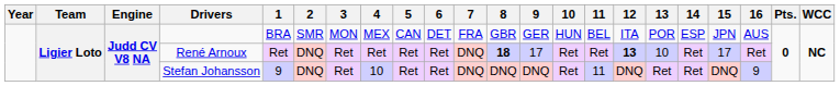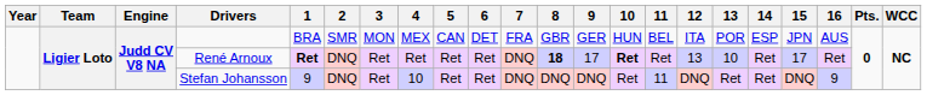 <table class="wikitable" style="text-align:center; font-size:90%">
 <tr>
 <th>Year</th>
 <th>Team</th>
 <th>Engine</th>
 <th>Drivers</th>
 <th>1</th>
 <th>2</th>
 <th>3</th>
 <th>4</th>
 <th>5</th>
 <th>6</th>
 <th>7</th>
 <th>8</th>
 <th>9</th>
 <th>10</th>
 <th>11</th>
 <th>12</th>
 <th>13</th>
 <th>14</th>
 <th>15</th>
 <th>16</th>
 <th>Pts.</th>
 <th>WCC</th>
 </tr>
 <tr>
 <td rowspan="3"></td>
 <th rowspan="3"><a href='#'>Ligier</a> Loto</th>
 <th rowspan="3"><a href='#'>Judd CV</a><br><a href='#'>V8</a> <a href='#'>NA</a></th>
 <td></td>
 <td><a href='#'>BRA</a></td>
 <td><a href='#'>SMR</a></td>
 <td><a href='#'>MON</a></td>
 <td><a href='#'>MEX</a></td>
 <td><a href='#'>CAN</a></td>
 <td><a href='#'>DET</a></td>
 <td><a href='#'>FRA</a></td>
 <td><a href='#'>GBR</a></td>
 <td><a href='#'>GER</a></td>
 <td><a href='#'>HUN</a></td>
 <td><a href='#'>BEL</a></td>
 <td><a href='#'>ITA</a></td>
 <td><a href='#'>POR</a></td>
 <td><a href='#'>ESP</a></td>
 <td><a href='#'>JPN</a></td>
 <td><a href='#'>AUS</a></td>
 <td rowspan="3"><strong>0</strong></td>
 <td rowspan="3"><strong>NC</strong></td>
 </tr>
 <tr>
 <td> <a href='#'>René Arnoux</a></td>
-<td style="background:#efcfff;">Ret</td>
+<td style="background:#efcfff;"><strong>Ret</strong></td>
 <td style="background:#ffcfcf;">DNQ</td>
 <td style="background:#efcfff;">Ret</td>
 <td style="background:#efcfff;">Ret</td>
 <td style="background:#efcfff;">Ret</td>
 <td style="background:#efcfff;">Ret</td>
 <td style="background:#ffcfcf;">DNQ</td>
 <td style="background:#cfcfff;"><strong>18</strong></td>
 <td style="background:#cfcfff;">17</td>
+<td style="background:#efcfff;"><strong>Ret</strong></td>
 <td style="background:#efcfff;">Ret</td>
-<td style="background:#efcfff;">Ret</td>
-<td style="background:#cfcfff;"><strong>13</strong></td>
+<td style="background:#cfcfff;">13</td>
 <td style="background:#cfcfff;">10</td>
 <td style="background:#efcfff;">Ret</td>
 <td style="background:#cfcfff;">17</td>
 <td style="background:#efcfff;">Ret</td>
 </tr>
 <tr>
 <td> <a href='#'>Stefan Johansson</a></td>
 <td style="background:#cfcfff;">9</td>
 <td style="background:#ffcfcf;">DNQ</td>
 <td style="background:#efcfff;">Ret</td>
 <td style="background:#cfcfff;">10</td>
 <td style="background:#efcfff;">Ret</td>
 <td style="background:#efcfff;">Ret</td>
 <td style="background:#ffcfcf;">DNQ</td>
 <td style="background:#ffcfcf;">DNQ</td>
 <td style="background:#ffcfcf;">DNQ</td>
 <td style="background:#efcfff;">Ret</td>
 <td style="background:#cfcfff;">11</td>
 <td style="background:#ffcfcf;">DNQ</td>
 <td style="background:#efcfff;">Ret</td>
 <td style="background:#efcfff;">Ret</td>
 <td style="background:#ffcfcf;">DNQ</td>
 <td style="background:#cfcfff;">9</td>
 </tr>
 </table>
